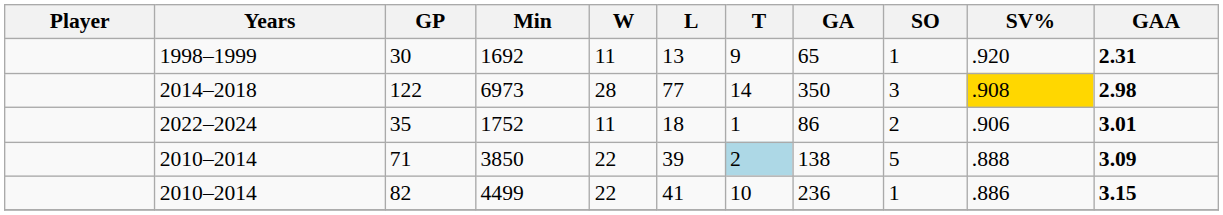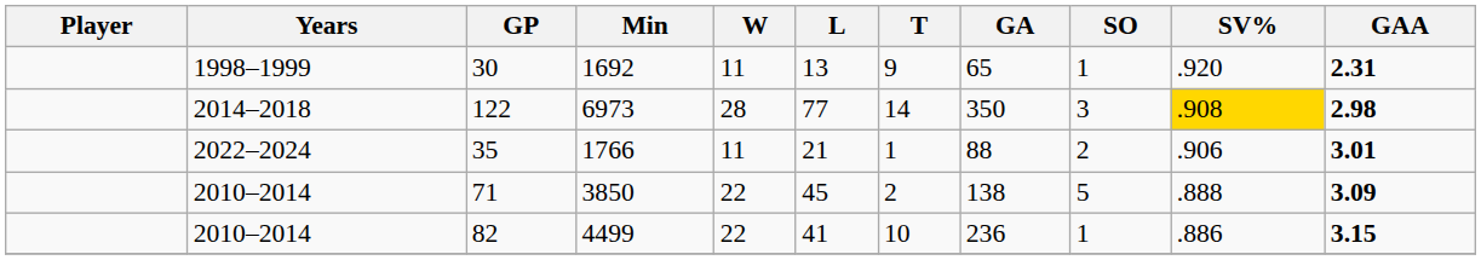 <table class="wikitable sortable" width = 900>
 <tr>
 <th>Player</th>
 <th>Years</th>
 <th>GP</th>
 <th>Min</th>
 <th>W</th>
 <th>L</th>
 <th>T</th>
 <th>GA</th>
 <th>SO</th>
 <th>SV%</th>
 <th>GAA</th>
 </tr>
 <tr>
 <td></td>
 <td>1998–1999</td>
 <td>30</td>
 <td>1692</td>
 <td>11</td>
 <td>13</td>
 <td>9</td>
 <td>65</td>
 <td>1</td>
 <td>.920</td>
 <td><strong>2.31</strong></td>
 </tr>
 <tr>
 <td></td>
 <td>2014–2018</td>
 <td>122</td>
 <td>6973</td>
 <td>28</td>
 <td>77</td>
 <td>14</td>
 <td>350</td>
 <td>3</td>
 <td style="background: gold;">.908</td>
 <td><strong>2.98</strong></td>
 </tr>
 <tr>
 <td></td>
 <td>2022–2024</td>
 <td>35</td>
-<td>1752</td>
+<td>1766</td>
 <td>11</td>
-<td>18</td>
+<td>21</td>
 <td>1</td>
-<td>86</td>
+<td>88</td>
 <td>2</td>
 <td>.906</td>
 <td><strong>3.01</strong></td>
 </tr>
 <tr>
 <td></td>
 <td>2010–2014</td>
 <td>71</td>
 <td>3850</td>
 <td>22</td>
-<td>39</td>
-<td style="background: lightblue;">2</td>
+<td>45</td>
+<td>2</td>
 <td>138</td>
 <td>5</td>
 <td>.888</td>
 <td><strong>3.09</strong></td>
 </tr>
 <tr>
 <td></td>
 <td>2010–2014</td>
 <td>82</td>
 <td>4499</td>
 <td>22</td>
 <td>41</td>
 <td>10</td>
 <td>236</td>
 <td>1</td>
 <td>.886</td>
 <td><strong>3.15</strong></td>
 </tr>
 <tr>
 </tr>
 </table>
